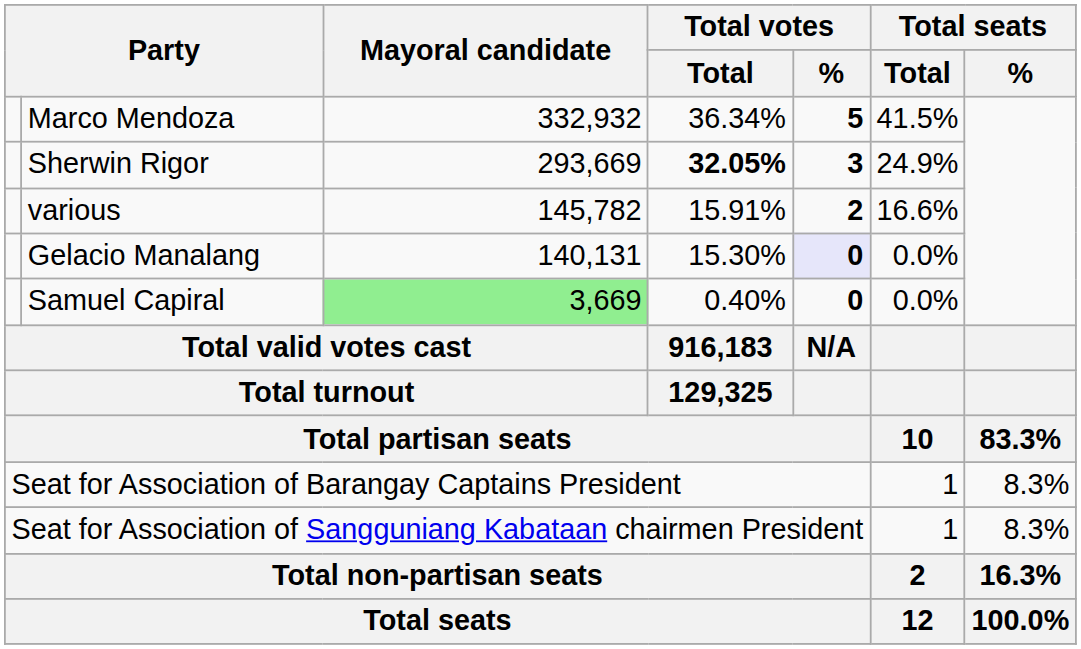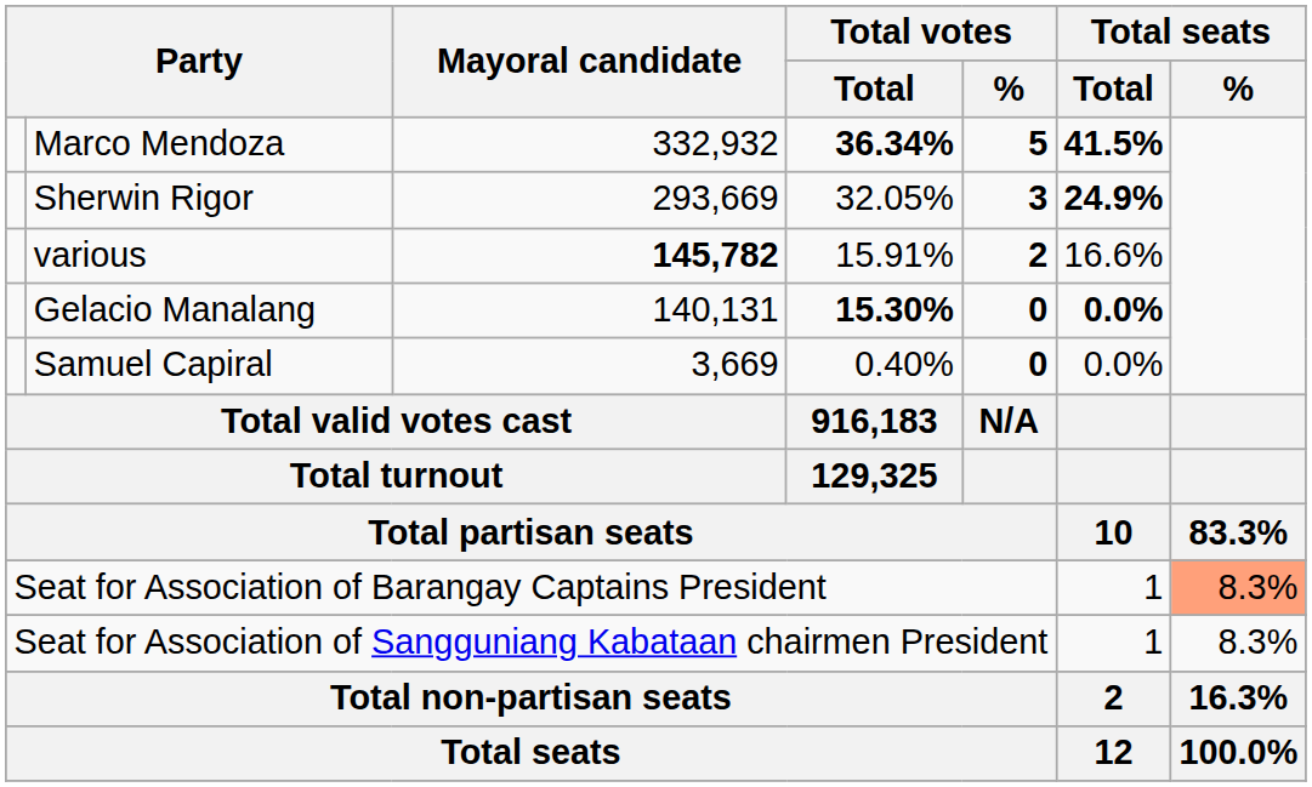 <table class=wikitable style="text-align:right">
 <tr>
 <th rowspan=2 colspan=2>Party</th>
 <th rowspan=2>Mayoral candidate</th>
 <th colspan=2>Total votes</th>
 <th colspan=2>Total seats</th>
 </tr>
 <tr>
 <th>Total</th>
 <th>%</th>
 <th>Total</th>
 <th>%</th>
 </tr>
 <tr>
 <td></td>
 <td align=left>Marco Mendoza</td>
 <td>332,932</td>
-<td>36.34%</td>
+<td><strong>36.34%</strong></td>
 <td><strong>5</strong></td>
-<td>41.5%</td>
+<td><strong>41.5%</strong></td>
 </tr>
 <tr>
 <td></td>
 <td align=left>Sherwin Rigor</td>
 <td>293,669</td>
-<td><strong>32.05%</strong></td>
+<td>32.05%</td>
 <td><strong>3</strong></td>
-<td>24.9%</td>
+<td><strong>24.9%</strong></td>
 </tr>
 <tr>
 <td></td>
 <td align=left>various</td>
-<td>145,782</td>
+<td><strong>145,782</strong></td>
 <td>15.91%</td>
 <td><strong>2</strong></td>
 <td>16.6%</td>
 </tr>
 <tr>
 <td></td>
 <td align=left>Gelacio Manalang</td>
 <td>140,131</td>
-<td>15.30%</td>
-<td style="background: lavender;"><strong>0</strong></td>
-<td>0.0%</td>
+<td><strong>15.30%</strong></td>
+<td><strong>0</strong></td>
+<td><strong>0.0%</strong></td>
 </tr>
 <tr>
 <td></td>
 <td align=left>Samuel Capiral</td>
-<td style="background: lightgreen;">3,669</td>
+<td>3,669</td>
 <td>0.40%</td>
 <td><strong>0</strong></td>
 <td>0.0%</td>
 </tr>
 <tr>
 <th align=left colspan=3>Total valid votes cast</th>
 <th>916,183</th>
 <th>N/A</th>
 <th></th>
 <th></th>
 </tr>
 <tr>
 <th align=left colspan=3>Total turnout</th>
 <th>129,325</th>
 <th></th>
 <th></th>
 <th></th>
 </tr>
 <tr>
 <th align=left colspan=5>Total partisan seats</th>
 <th>10</th>
 <th>83.3%</th>
 </tr>
 <tr>
 <td align=left colspan=5>Seat for Association of Barangay Captains President</td>
 <td>1</td>
-<td>8.3%</td>
+<td style="background: lightsalmon;">8.3%</td>
 </tr>
 <tr>
 <td align=left colspan=5>Seat for Association of <a href='#'>Sangguniang Kabataan</a> chairmen President</td>
 <td>1</td>
 <td>8.3%</td>
 </tr>
 <tr>
 <th align=left colspan=5>Total non-partisan seats</th>
 <th>2</th>
 <th>16.3%</th>
 </tr>
 <tr>
 <th colspan=5>Total seats</th>
 <th>12</th>
 <th>100.0%</th>
 </tr>
 </table>
